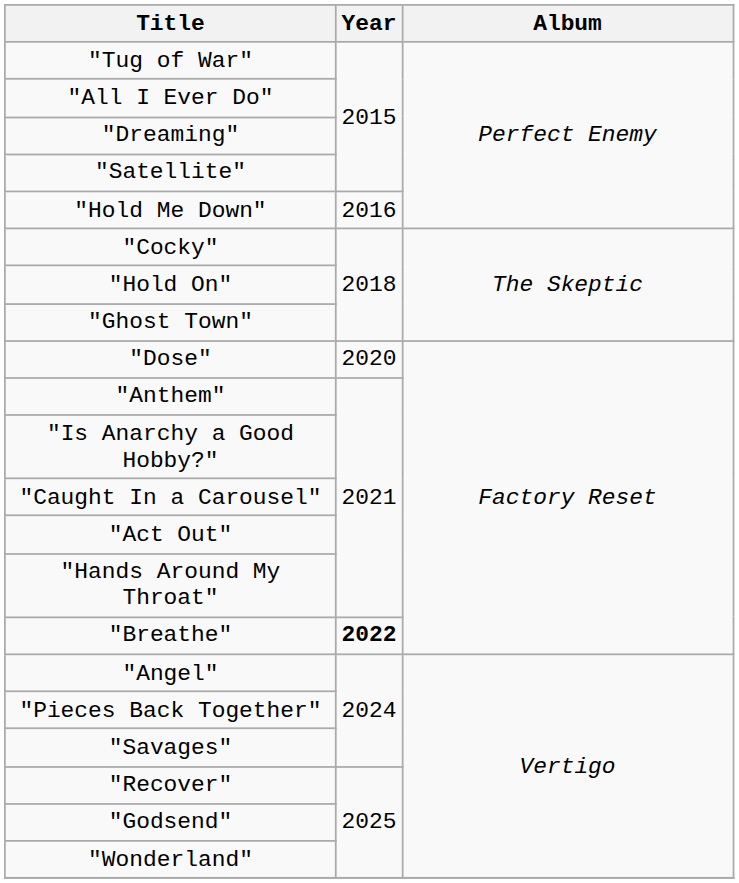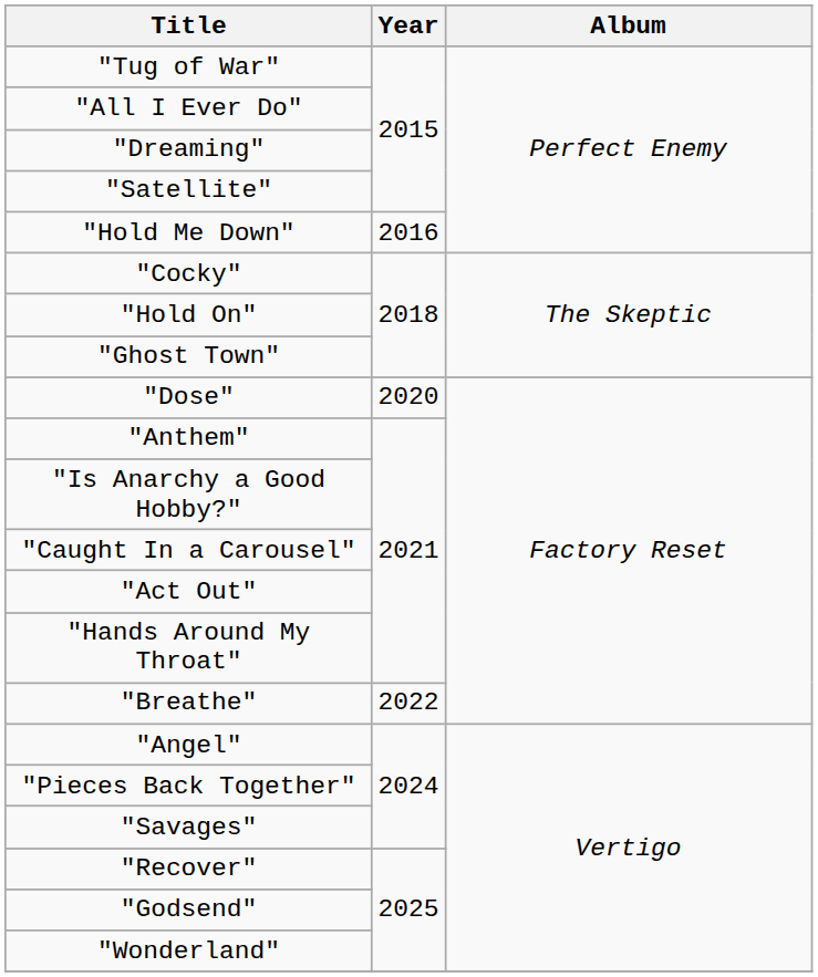 <table class="wikitable plainrowheaders" style="text-align:center;">
 <tr>
 <th scope="col" style="width:14em;">Title</th>
 <th scope="col">Year</th>
 <th scope="col" style="width:14em;">Album</th>
 </tr>
 <tr>
 <td>"Tug of War"</td>
 <td rowspan="4">2015</td>
 <td rowspan="5"><em>Perfect Enemy</em></td>
 </tr>
 <tr>
 <td>"All I Ever Do"</td>
 </tr>
 <tr>
 <td>"Dreaming"</td>
 </tr>
 <tr>
 <td>"Satellite"</td>
 </tr>
 <tr>
 <td>"Hold Me Down"</td>
 <td>2016</td>
 </tr>
 <tr>
 <td>"Cocky"</td>
 <td rowspan="3">2018</td>
 <td rowspan="3"><em>The Skeptic</em></td>
 </tr>
 <tr>
 <td>"Hold On"</td>
 </tr>
 <tr>
 <td>"Ghost Town"</td>
 </tr>
 <tr>
 <td>"Dose"</td>
 <td>2020</td>
 <td rowspan="7"><em>Factory Reset</em></td>
 </tr>
 <tr>
 <td>"Anthem"</td>
 <td rowspan="5">2021</td>
 </tr>
 <tr>
 <td>"Is Anarchy a Good Hobby?"</td>
 </tr>
 <tr>
 <td>"Caught In a Carousel"</td>
 </tr>
 <tr>
 <td>"Act Out"</td>
 </tr>
 <tr>
 <td>"Hands Around My Throat"</td>
 </tr>
 <tr>
 <td>"Breathe"</td>
-<td><strong>2022</strong></td>
+<td>2022</td>
 </tr>
 <tr>
 <td>"Angel"</td>
 <td rowspan="3">2024</td>
 <td rowspan="6"><em>Vertigo</em></td>
 </tr>
 <tr>
 <td>"Pieces Back Together"</td>
 </tr>
 <tr>
 <td>"Savages"</td>
 </tr>
 <tr>
 <td>"Recover"</td>
 <td rowspan="3">2025</td>
 </tr>
 <tr>
 <td>"Godsend"</td>
 </tr>
 <tr>
 <td>"Wonderland"</td>
 </tr>
 <tr>
 </tr>
 </table>
